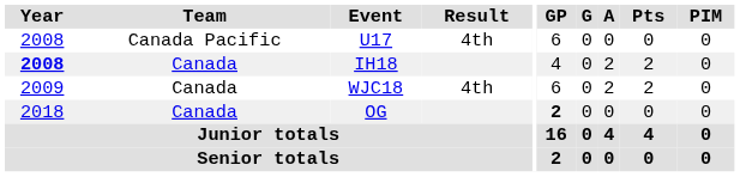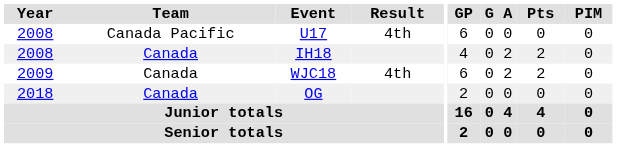 <table border="0" cellpadding="1" cellspacing="0" ID="Table3" style="text-align:center; width:40em">
 <tr ALIGN="center" bgcolor="#e0e0e0">
 <th>Year</th>
 <th>Team</th>
 <th>Event</th>
 <th>Result</th>
 <th rowspan="99" bgcolor="#ffffff"></th>
 <th>GP</th>
 <th>G</th>
 <th>A</th>
 <th>Pts</th>
 <th>PIM</th>
 </tr>
 <tr>
 <td><a href='#'>2008</a></td>
 <td>Canada Pacific</td>
 <td><a href='#'>U17</a></td>
 <td>4th</td>
 <td>6</td>
 <td>0</td>
 <td>0</td>
 <td>0</td>
 <td>0</td>
 </tr>
 <tr bgcolor="#f0f0f0">
-<td><strong><a href='#'>2008</a></strong></td>
+<td><a href='#'>2008</a></td>
 <td><a href='#'>Canada</a></td>
 <td><a href='#'>IH18</a></td>
 <td></td>
 <td>4</td>
 <td>0</td>
 <td>2</td>
 <td>2</td>
 <td>0</td>
 </tr>
 <tr>
 <td><a href='#'>2009</a></td>
 <td>Canada</td>
 <td><a href='#'>WJC18</a></td>
 <td>4th</td>
 <td>6</td>
 <td>0</td>
 <td>2</td>
 <td>2</td>
 <td>0</td>
 </tr>
 <tr bgcolor="#f0f0f0">
 <td><a href='#'>2018</a></td>
 <td><a href='#'>Canada</a></td>
 <td><a href='#'>OG</a></td>
 <td></td>
-<td><strong>2</strong></td>
+<td>2</td>
 <td>0</td>
 <td>0</td>
 <td>0</td>
 <td>0</td>
 </tr>
 <tr bgcolor="#e0e0e0">
 <th colspan=4>Junior totals</th>
 <th>16</th>
 <th>0</th>
 <th>4</th>
 <th>4</th>
 <th>0</th>
 </tr>
 <tr bgcolor="#e0e0e0">
 <th colspan=4>Senior totals</th>
 <th>2</th>
 <th>0</th>
 <th>0</th>
 <th>0</th>
 <th>0</th>
 </tr>
 </table>
